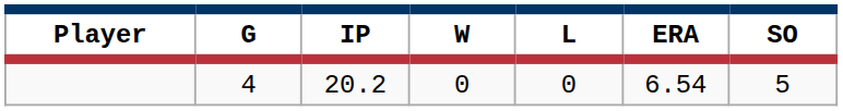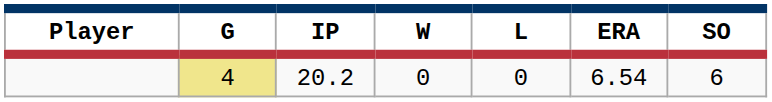 <table class="wikitable sortable">
 <tr>
 <th style="background:#FFFFFF; border-top:#023465 5px solid; border-bottom:#ba313c 5px solid;" width="16%">Player</th>
 <th style="background:#FFFFFF; border-top:#023465 5px solid; border-bottom:#ba313c 5px solid;" width="9%">G</th>
 <th style="background:#FFFFFF; border-top:#023465 5px solid; border-bottom:#ba313c 5px solid;" width="9%">IP</th>
 <th style="background:#FFFFFF; border-top:#023465 5px solid; border-bottom:#ba313c 5px solid;" width="9%">W</th>
 <th style="background:#FFFFFF; border-top:#023465 5px solid; border-bottom:#ba313c 5px solid;" width="9%">L</th>
 <th style="background:#FFFFFF; border-top:#023465 5px solid; border-bottom:#ba313c 5px solid;" width="9%">ERA</th>
 <th style="background:#FFFFFF; border-top:#023465 5px solid; border-bottom:#ba313c 5px solid;" width="9%">SO</th>
 </tr>
 <tr align="center">
 <td></td>
-<td>4</td>
+<td style="background: khaki;">4</td>
 <td>20.2</td>
 <td>0</td>
 <td>0</td>
 <td>6.54</td>
-<td>5</td>
+<td>6</td>
 </tr>
 </table>
